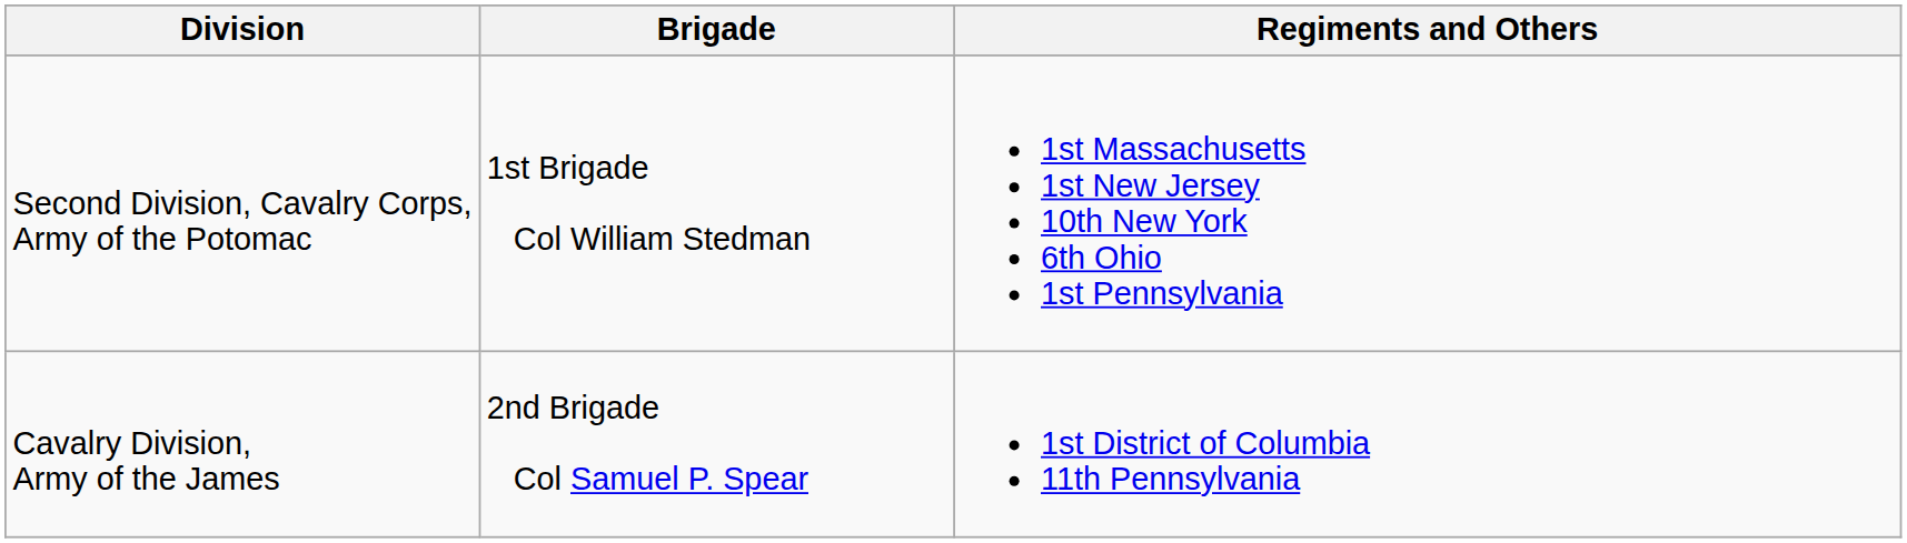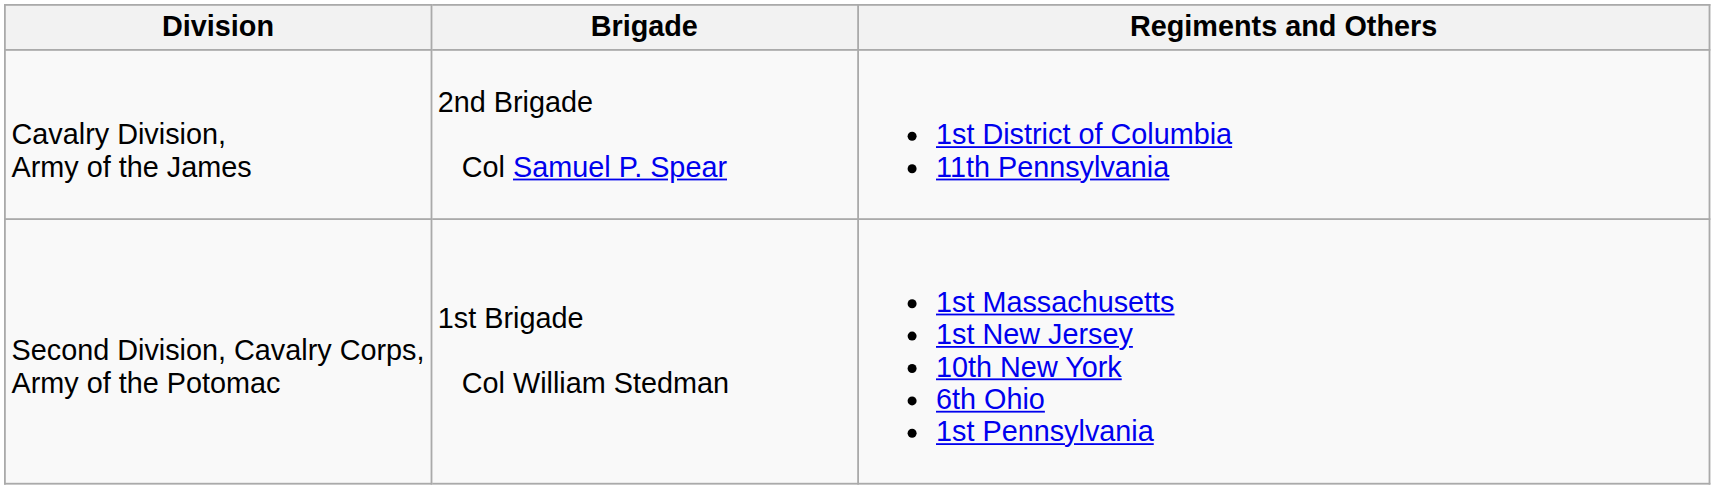 <table class="wikitable">
 <tr>
 <th width=25%>Division</th>
 <th width=25%>Brigade</th>
 <th>Regiments and Others</th>
 </tr>
 <tr>
+<td rowspan=1><br>Cavalry Division, <br> Army of the James</td>
+<td>2nd Brigade<br><br>   Col <a href='#'>Samuel P. Spear</a></td>
+<td><br><ul><li><a href='#'>1st District of Columbia</a></li><li><a href='#'>11th Pennsylvania</a></li></ul></td>
+</tr>
+<tr>
 <td rowspan=1><br>Second Division, Cavalry Corps, <br> Army of the Potomac</td>
 <td>1st Brigade<br><br>   Col William Stedman</td>
 <td><br><ul><li><a href='#'>1st Massachusetts</a></li><li><a href='#'>1st New Jersey</a></li><li><a href='#'>10th New York</a></li><li><a href='#'>6th Ohio</a></li><li><a href='#'>1st Pennsylvania</a></li></ul></td>
 </tr>
-<tr>
-<td rowspan=1><br>Cavalry Division, <br> Army of the James</td>
-<td>2nd Brigade<br><br>   Col <a href='#'>Samuel P. Spear</a></td>
-<td><br><ul><li><a href='#'>1st District of Columbia</a></li><li><a href='#'>11th Pennsylvania</a></li></ul></td>
-</tr>
 </table>
